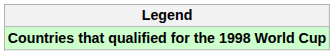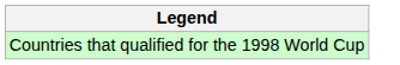 <table class="wikitable">
 <tr>
 <th>Legend</th>
 </tr>
 <tr bgcolor=#ccffcc>
-<td><strong>Countries that qualified for the 1998 World Cup</strong></td>
+<td>Countries that qualified for the 1998 World Cup</td>
 </tr>
 </table>
